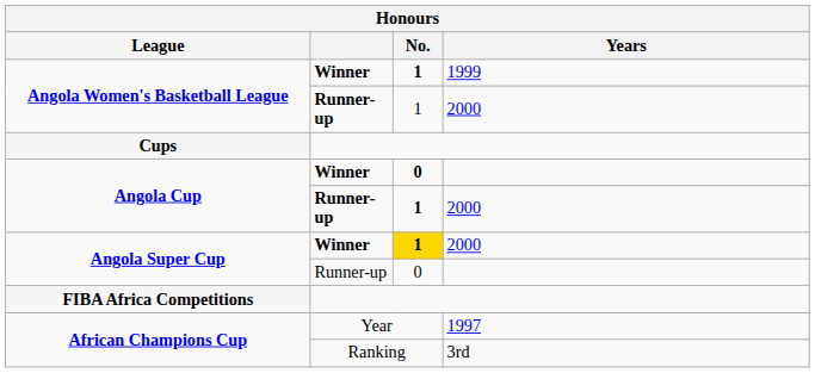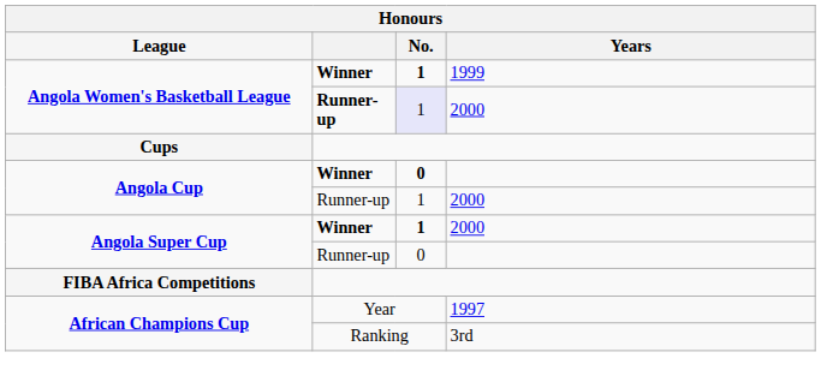 <table class="wikitable" width=60%>
 <tr>
 <th width=70px colspan=4 style=":#f5f5f5"><span><strong>Honours</strong></span></th>
 </tr>
 <tr>
 <th width=280px style="background:#f5f5f5"><span><strong>League</strong></span></th>
 <th></th>
 <th><strong>No.</strong></th>
 <th><strong>Years</strong></th>
 </tr>
 <tr>
 <td align=center rowspan=2><strong><a href='#'>Angola Women's Basketball League</a></strong></td>
 <td width=70px><strong>Winner</strong></td>
 <td width=40px align=center><strong>1</strong></td>
 <td><a href='#'>1999</a></td>
 </tr>
 <tr>
 <td><strong>Runner-up</strong></td>
-<td align=center>1</td>
+<td align=center style="background: lavender;">1</td>
 <td><a href='#'>2000</a></td>
 </tr>
 <tr>
 <th style="background:#f5f5f5"><strong>Cups</strong></th>
 </tr>
 <tr>
 <td align=center rowspan=2><strong><a href='#'>Angola Cup</a></strong></td>
 <td><strong>Winner</strong></td>
 <td align=center><strong>0</strong></td>
 <td></td>
 </tr>
 <tr>
-<td><strong>Runner-up</strong></td>
-<td align=center><strong>1</strong></td>
+<td>Runner-up</td>
+<td align=center>1</td>
 <td><a href='#'>2000</a></td>
 </tr>
 <tr>
 <td align=center rowspan=2><strong><a href='#'>Angola Super Cup</a></strong></td>
 <td><strong>Winner</strong></td>
-<td align=center style="background: gold;"><strong>1</strong></td>
+<td align=center><strong>1</strong></td>
 <td><a href='#'>2000</a></td>
 </tr>
 <tr>
 <td>Runner-up</td>
 <td align=center>0</td>
 <td></td>
 </tr>
 <tr>
 <th style="background:#f5f5f5"><strong>FIBA Africa Competitions</strong></th>
 </tr>
 <tr>
 <td align=center rowspan=2><strong><a href='#'>African Champions Cup</a></strong></td>
 <td align=center colspan=2>Year</td>
 <td><a href='#'>1997</a></td>
 </tr>
 <tr>
 <td align=center colspan=2>Ranking</td>
 <td>3rd</td>
 </tr>
 </table>
